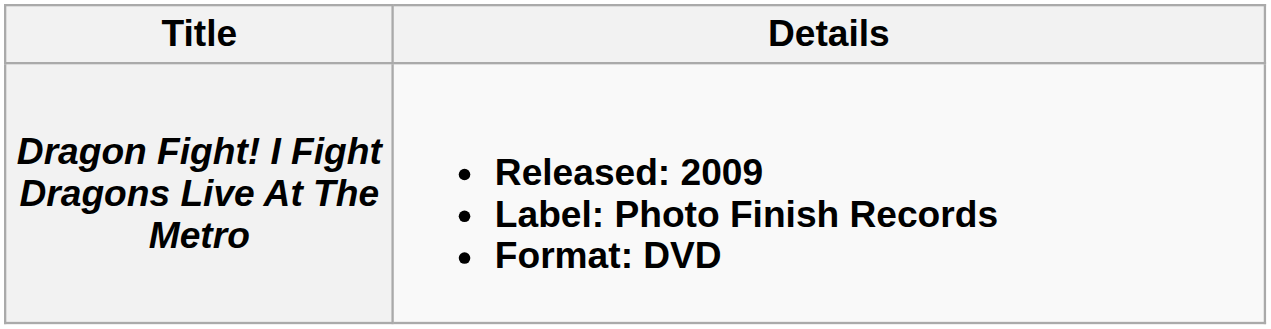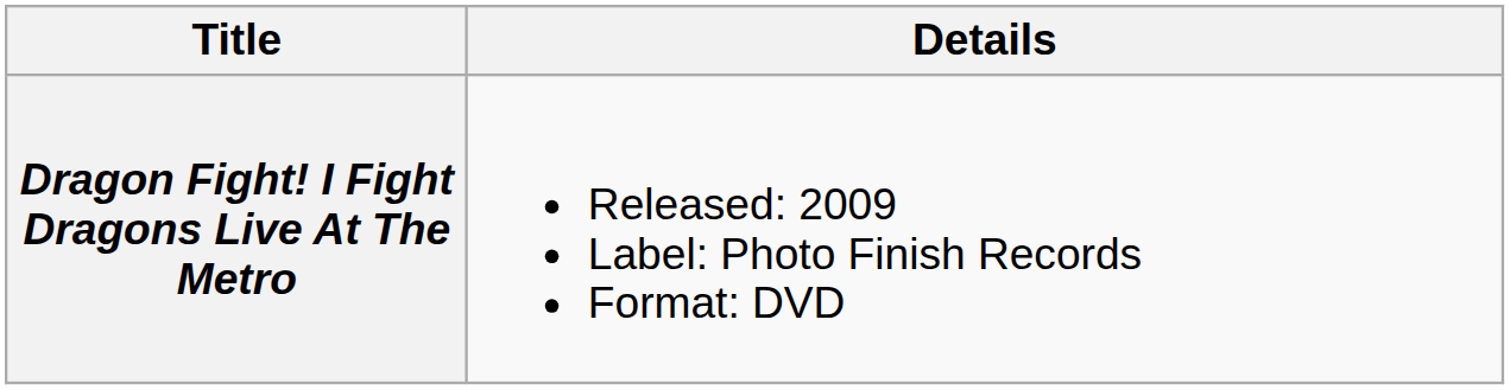 <table class="wikitable plainrowheaders">
 <tr>
 <th scope="col" style="width:10em;">Title</th>
 <th scope="col" style="width:23em;">Details</th>
 </tr>
 <tr>
 <th scope="row"><em>Dragon Fight! I Fight Dragons Live At The Metro</em></th>
-<td><strong><br><ul><li>Released: 2009</li><li>Label: Photo Finish Records</li><li>Format: DVD</li></ul></strong></td>
+<td><br><ul><li>Released: 2009</li><li>Label: Photo Finish Records</li><li>Format: DVD</li></ul></td>
 </tr>
 </table>
